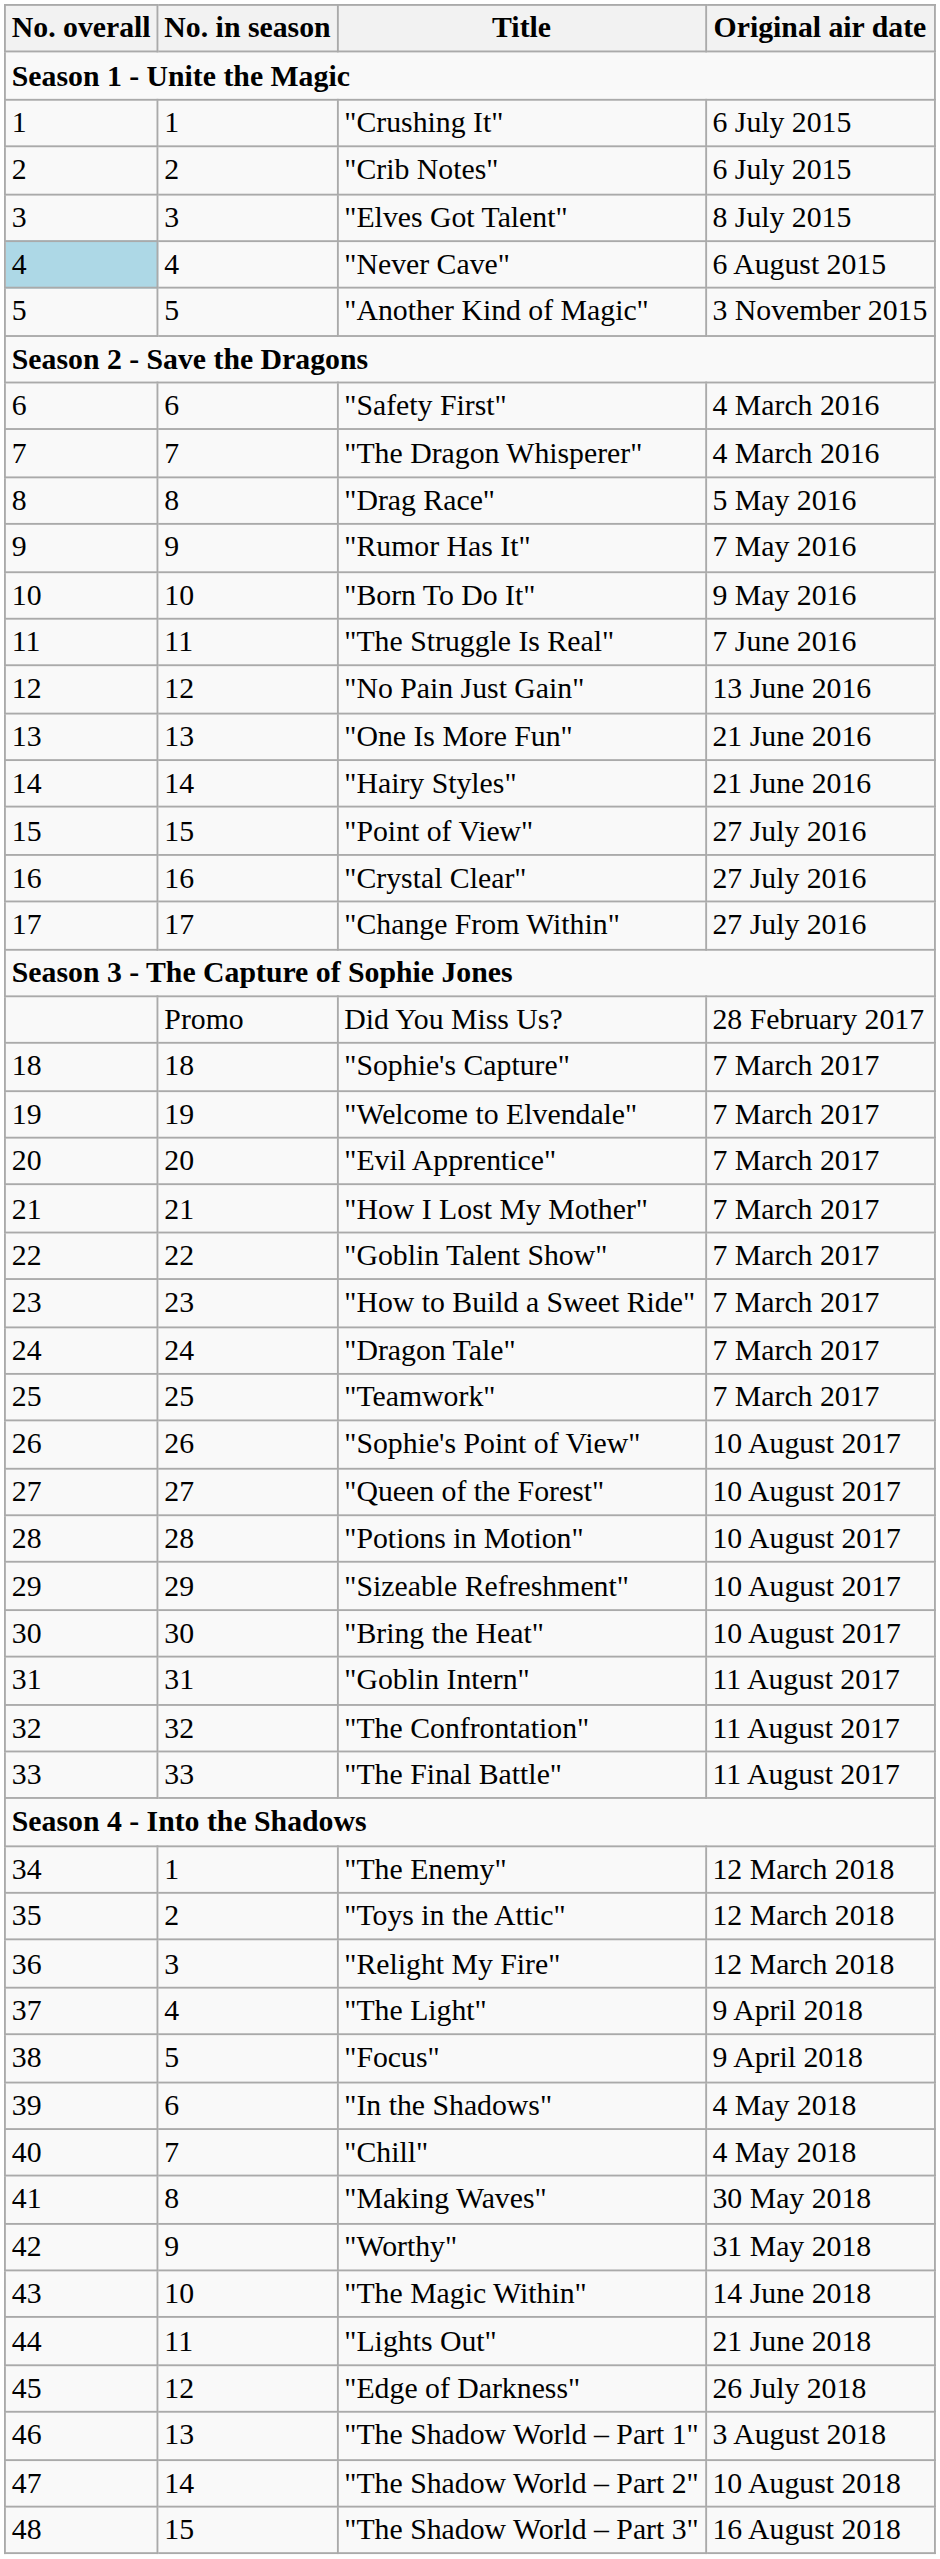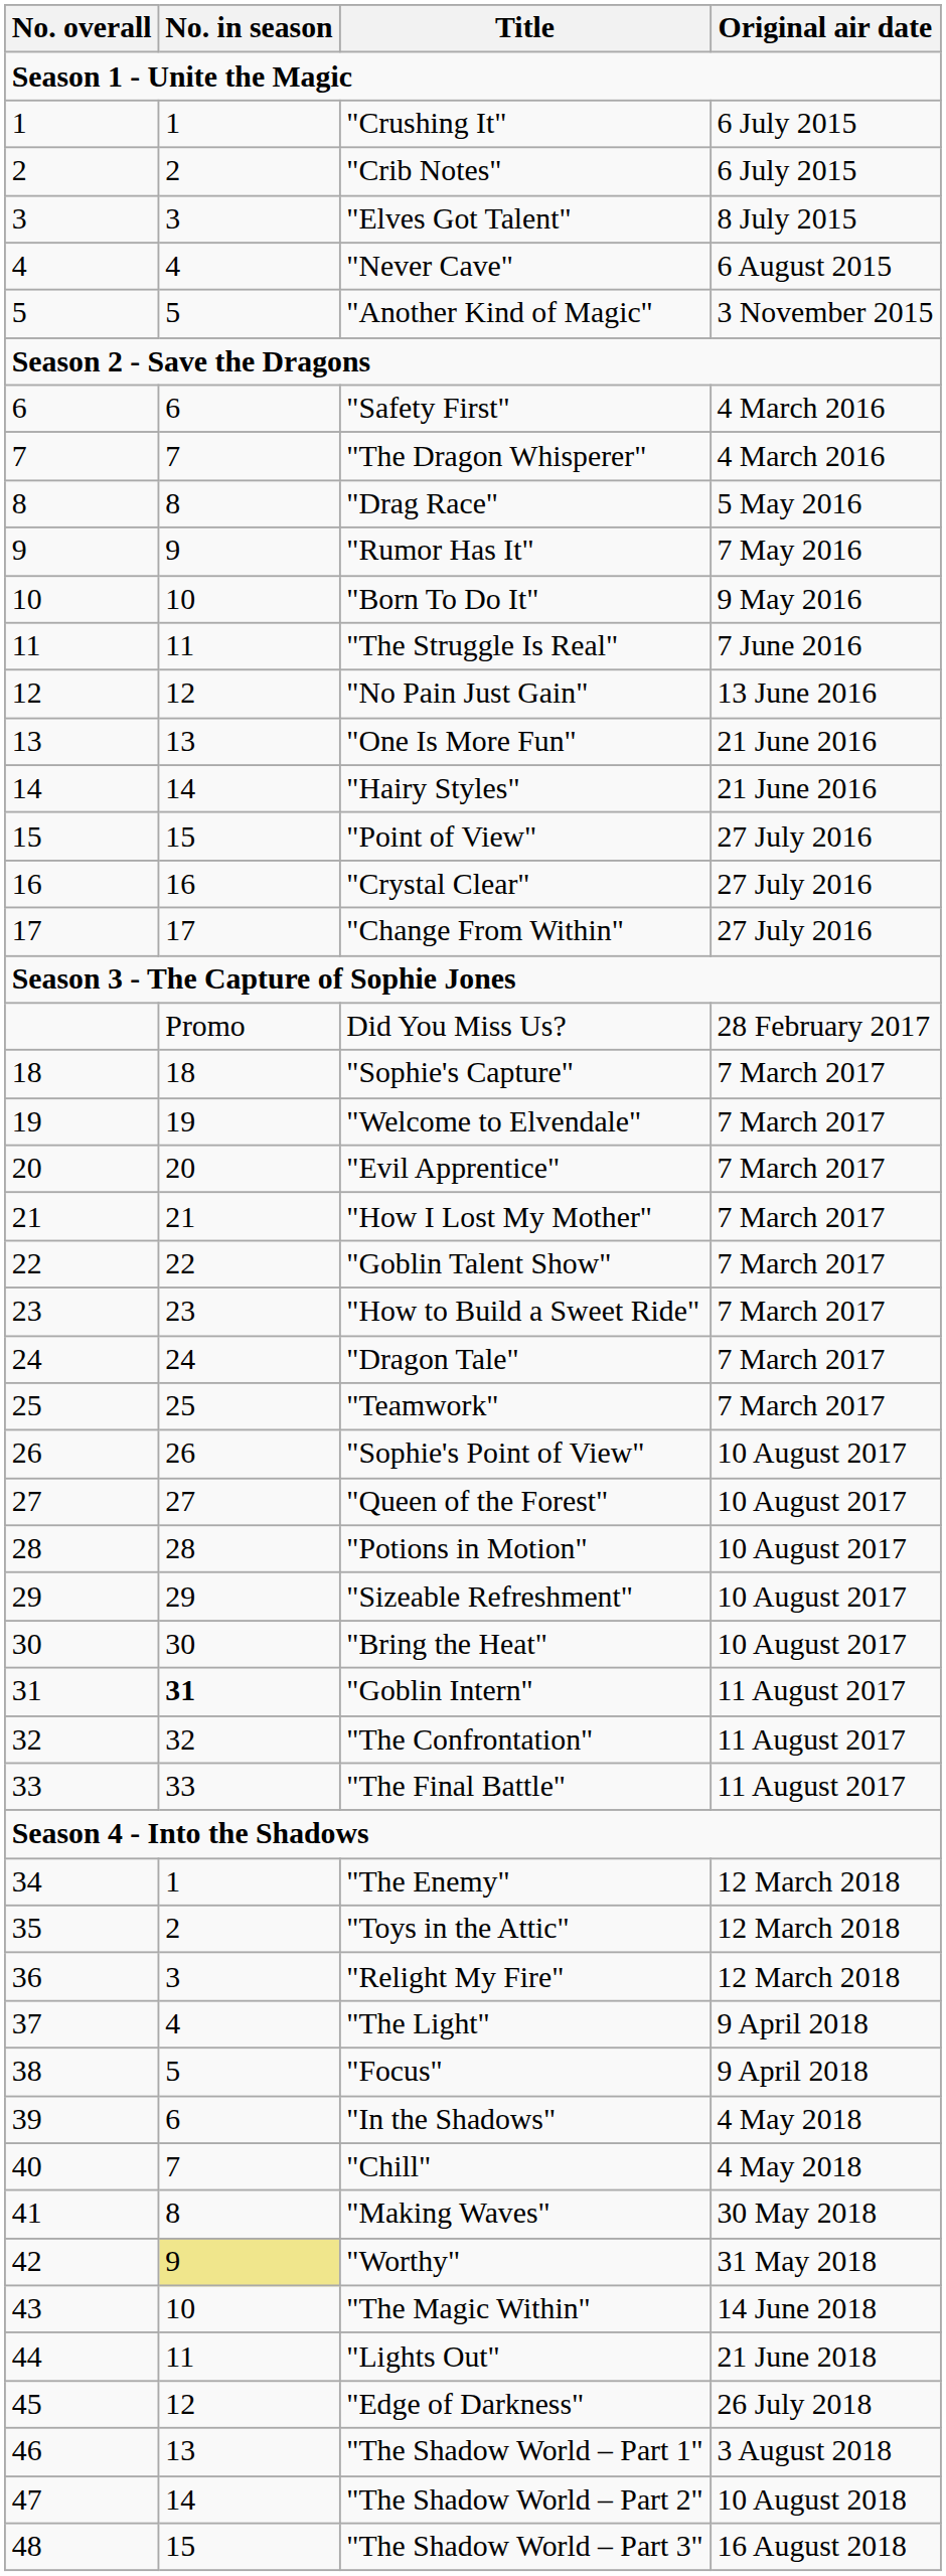 <table class="wikitable">
 <tr>
 <th>No.  overall</th>
 <th>No. in season</th>
 <th>Title</th>
 <th>Original air date</th>
 </tr>
 <tr>
 <td colspan="4"><strong>Season 1 - Unite the Magic</strong></td>
 </tr>
 <tr>
 <td>1</td>
 <td>1</td>
 <td>"Crushing It"</td>
 <td>6 July 2015</td>
 </tr>
 <tr>
 <td>2</td>
 <td>2</td>
 <td>"Crib Notes"</td>
 <td>6 July 2015</td>
 </tr>
 <tr>
 <td>3</td>
 <td>3</td>
 <td>"Elves Got Talent"</td>
 <td>8 July 2015</td>
 </tr>
 <tr>
-<td style="background: lightblue;">4</td>
+<td>4</td>
 <td>4</td>
 <td>"Never Cave"</td>
 <td>6 August 2015</td>
 </tr>
 <tr>
 <td>5</td>
 <td>5</td>
 <td>"Another Kind of Magic"</td>
 <td>3 November 2015</td>
 </tr>
 <tr>
 <td colspan="4"><strong>Season 2 - Save the Dragons</strong></td>
 </tr>
 <tr>
 <td>6</td>
 <td>6</td>
 <td>"Safety First"</td>
 <td>4 March 2016</td>
 </tr>
 <tr>
 <td>7</td>
 <td>7</td>
 <td>"The Dragon Whisperer"</td>
 <td>4 March 2016</td>
 </tr>
 <tr>
 <td>8</td>
 <td>8</td>
 <td rowspan="1">"Drag Race"</td>
 <td>5 May 2016</td>
 </tr>
 <tr>
 <td>9</td>
 <td>9</td>
 <td rowspan="1">"Rumor Has It"</td>
 <td>7 May 2016</td>
 </tr>
 <tr>
 <td>10</td>
 <td>10</td>
 <td rowspan="1">"Born To Do It"</td>
 <td>9 May 2016</td>
 </tr>
 <tr>
 <td>11</td>
 <td>11</td>
 <td rowspan="1">"The Struggle Is Real"</td>
 <td>7 June 2016</td>
 </tr>
 <tr>
 <td>12</td>
 <td>12</td>
 <td>"No Pain Just Gain"</td>
 <td>13 June 2016</td>
 </tr>
 <tr>
 <td>13</td>
 <td>13</td>
 <td rowspan="1">"One Is More Fun"</td>
 <td>21 June 2016</td>
 </tr>
 <tr>
 <td>14</td>
 <td>14</td>
 <td rowspan="1">"Hairy Styles"</td>
 <td>21 June 2016</td>
 </tr>
 <tr>
 <td>15</td>
 <td>15</td>
 <td rowspan="1">"Point of View"</td>
 <td>27 July 2016</td>
 </tr>
 <tr>
 <td>16</td>
 <td>16</td>
 <td rowspan="1">"Crystal Clear"</td>
 <td>27 July 2016</td>
 </tr>
 <tr>
 <td>17</td>
 <td>17</td>
 <td>"Change From Within"</td>
 <td>27 July 2016</td>
 </tr>
 <tr>
 <td colspan="4"><strong>Season 3 - The Capture of Sophie Jones</strong></td>
 </tr>
 <tr>
 <td></td>
 <td>Promo</td>
 <td>Did You Miss Us?</td>
 <td>28 February 2017</td>
 </tr>
 <tr>
 <td>18</td>
 <td>18</td>
 <td rowspan="1">"Sophie's Capture"</td>
 <td>7 March 2017</td>
 </tr>
 <tr>
 <td>19</td>
 <td>19</td>
 <td rowspan="1">"Welcome to Elvendale"</td>
 <td>7 March 2017</td>
 </tr>
 <tr>
 <td>20</td>
 <td>20</td>
 <td rowspan="1">"Evil Apprentice"</td>
 <td>7 March 2017</td>
 </tr>
 <tr>
 <td>21</td>
 <td>21</td>
 <td rowspan="1">"How I Lost My Mother"</td>
 <td>7 March 2017</td>
 </tr>
 <tr>
 <td>22</td>
 <td>22</td>
 <td rowspan="1">"Goblin Talent Show"</td>
 <td>7 March 2017</td>
 </tr>
 <tr>
 <td>23</td>
 <td>23</td>
 <td rowspan="1">"How to Build a Sweet Ride"</td>
 <td>7 March 2017</td>
 </tr>
 <tr>
 <td>24</td>
 <td>24</td>
 <td rowspan="1">"Dragon Tale"</td>
 <td>7 March 2017</td>
 </tr>
 <tr>
 <td>25</td>
 <td>25</td>
 <td rowspan="1">"Teamwork"</td>
 <td>7 March 2017</td>
 </tr>
 <tr>
 <td>26</td>
 <td>26</td>
 <td rowspan="1">"Sophie's Point of View"</td>
 <td>10 August 2017</td>
 </tr>
 <tr>
 <td>27</td>
 <td>27</td>
 <td rowspan="1">"Queen of the Forest"</td>
 <td>10 August 2017</td>
 </tr>
 <tr>
 <td>28</td>
 <td>28</td>
 <td>"Potions in Motion"</td>
 <td>10 August 2017</td>
 </tr>
 <tr>
 <td>29</td>
 <td>29</td>
 <td>"Sizeable Refreshment"</td>
 <td>10 August 2017</td>
 </tr>
 <tr>
 <td>30</td>
 <td>30</td>
 <td rowspan="1">"Bring the Heat"</td>
 <td>10 August 2017</td>
 </tr>
 <tr>
 <td>31</td>
-<td>31</td>
+<td><strong>31</strong></td>
 <td rowspan="1">"Goblin Intern"</td>
 <td>11 August 2017</td>
 </tr>
 <tr>
 <td>32</td>
 <td>32</td>
 <td rowspan="1">"The Confrontation"</td>
 <td>11 August 2017</td>
 </tr>
 <tr>
 <td>33</td>
 <td>33</td>
 <td rowspan="1">"The Final Battle"</td>
 <td>11 August 2017</td>
 </tr>
 <tr>
 <td colspan="4"><strong>Season 4 - Into the Shadows</strong></td>
 </tr>
 <tr>
 <td>34</td>
 <td>1</td>
 <td rowspan="1">"The Enemy"</td>
 <td>12 March 2018</td>
 </tr>
 <tr>
 <td>35</td>
 <td>2</td>
 <td rowspan="1">"Toys in the Attic"</td>
 <td>12 March 2018</td>
 </tr>
 <tr>
 <td>36</td>
 <td>3</td>
 <td rowspan="1">"Relight My Fire"</td>
 <td>12 March 2018</td>
 </tr>
 <tr>
 <td>37</td>
 <td>4</td>
 <td>"The Light"</td>
 <td>9 April 2018</td>
 </tr>
 <tr>
 <td>38</td>
 <td>5</td>
 <td rowspan="1">"Focus"</td>
 <td>9 April 2018</td>
 </tr>
 <tr>
 <td>39</td>
 <td>6</td>
 <td rowspan="1">"In the Shadows"</td>
 <td>4 May 2018</td>
 </tr>
 <tr>
 <td>40</td>
 <td>7</td>
 <td>"Chill"</td>
 <td>4 May 2018</td>
 </tr>
 <tr>
 <td>41</td>
 <td>8</td>
 <td rowspan="1">"Making Waves"</td>
 <td>30 May 2018</td>
 </tr>
 <tr>
 <td>42</td>
-<td>9</td>
+<td style="background: khaki;">9</td>
 <td rowspan="1">"Worthy"</td>
 <td>31 May 2018</td>
 </tr>
 <tr>
 <td>43</td>
 <td>10</td>
 <td rowspan="1">"The Magic Within"</td>
 <td>14 June 2018</td>
 </tr>
 <tr>
 <td>44</td>
 <td>11</td>
 <td>"Lights Out"</td>
 <td>21 June 2018</td>
 </tr>
 <tr>
 <td>45</td>
 <td>12</td>
 <td>"Edge of Darkness"</td>
 <td>26 July 2018</td>
 </tr>
 <tr>
 <td>46</td>
 <td>13</td>
 <td rowspan="1">"The Shadow World – Part 1"</td>
 <td>3 August 2018</td>
 </tr>
 <tr>
 <td>47</td>
 <td>14</td>
 <td rowspan="1">"The Shadow World – Part 2"</td>
 <td>10 August 2018</td>
 </tr>
 <tr>
 <td>48</td>
 <td>15</td>
 <td rowspan="1">"The Shadow World – Part 3"</td>
 <td>16 August 2018</td>
 </tr>
 </table>
